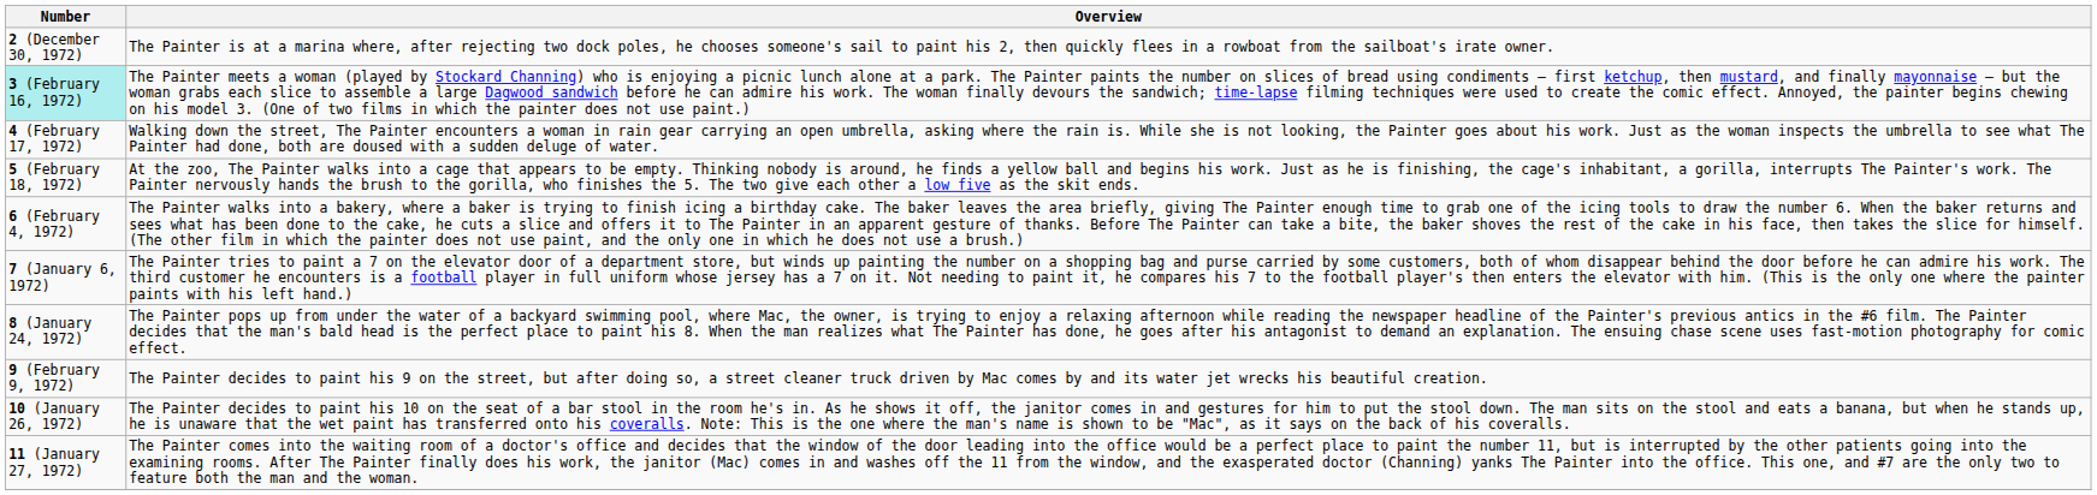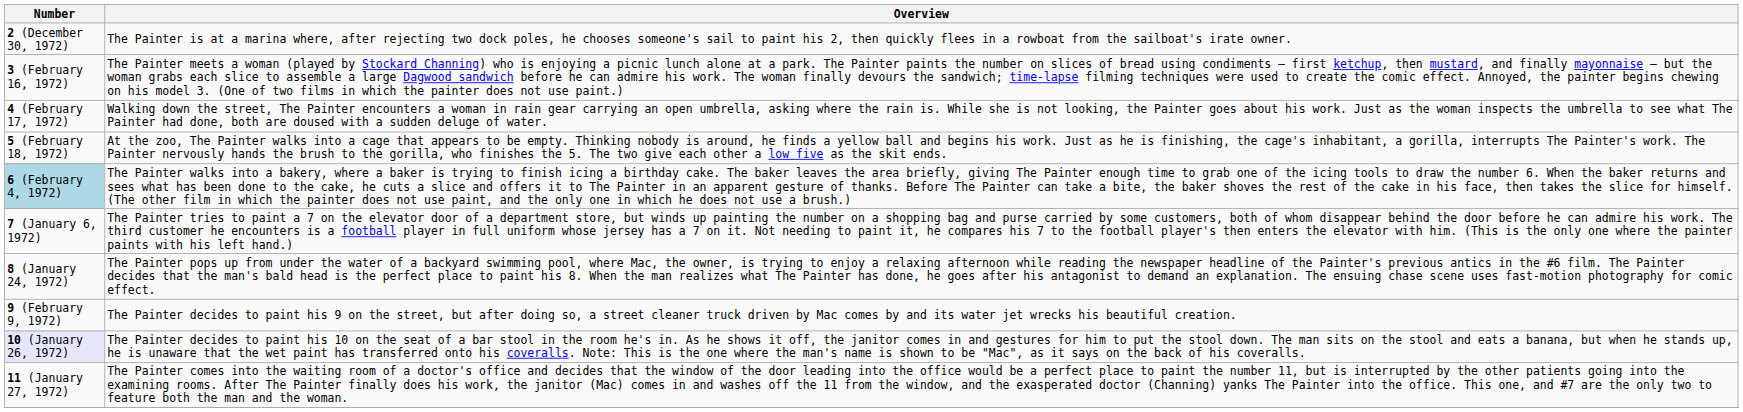 <table class="wikitable">
 <tr>
 <th>Number</th>
 <th>Overview</th>
 </tr>
 <tr>
 <td><strong>2</strong> (December 30, 1972)</td>
 <td>The Painter is at a marina where, after rejecting two dock poles, he chooses someone's sail to paint his 2, then quickly flees in a rowboat from the sailboat's irate owner.</td>
 </tr>
 <tr>
-<td style="background: paleturquoise;"><strong>3</strong> (February 16, 1972)</td>
+<td><strong>3</strong> (February 16, 1972)</td>
 <td>The Painter meets a woman (played by <a href='#'>Stockard Channing</a>) who is enjoying a picnic lunch alone at a park. The Painter paints the number on slices of bread using condiments — first <a href='#'>ketchup</a>, then <a href='#'>mustard</a>, and finally <a href='#'>mayonnaise</a> — but the woman grabs each slice to assemble a large <a href='#'>Dagwood sandwich</a> before he can admire his work. The woman finally devours the sandwich; <a href='#'>time-lapse</a> filming techniques were used to create the comic effect. Annoyed, the painter begins chewing on his model 3. (One of two films in which the painter does not use paint.)</td>
 </tr>
 <tr>
 <td><strong>4</strong> (February 17, 1972)</td>
 <td>Walking down the street, The Painter encounters a woman in rain gear carrying an open umbrella, asking where the rain is. While she is not looking, the Painter goes about his work. Just as the woman inspects the umbrella to see what The Painter had done, both are doused with a sudden deluge of water.</td>
 </tr>
 <tr>
 <td><strong>5</strong> (February 18, 1972)</td>
 <td>At the zoo, The Painter walks into a cage that appears to be empty. Thinking nobody is around, he finds a yellow ball and begins his work. Just as he is finishing, the cage's inhabitant, a gorilla, interrupts The Painter's work. The Painter nervously hands the brush to the gorilla, who finishes the 5. The two give each other a <a href='#'>low five</a> as the skit ends.</td>
 </tr>
 <tr>
-<td><strong>6</strong> (February 4, 1972)</td>
+<td style="background: lightblue;"><strong>6</strong> (February 4, 1972)</td>
 <td>The Painter walks into a bakery, where a baker is trying to finish icing a birthday cake. The baker leaves the area briefly, giving The Painter enough time to grab one of the icing tools to draw the number 6. When the baker returns and sees what has been done to the cake, he cuts a slice and offers it to The Painter in an apparent gesture of thanks. Before The Painter can take a bite, the baker shoves the rest of the cake in his face, then takes the slice for himself. (The other film in which the painter does not use paint, and the only one in which he does not use a brush.)</td>
 </tr>
 <tr>
 <td><strong>7</strong> (January 6, 1972)</td>
 <td>The Painter tries to paint a 7 on the elevator door of a department store, but winds up painting the number on a shopping bag and purse carried by some customers, both of whom disappear behind the door before he can admire his work. The third customer he encounters is a <a href='#'>football</a> player in full uniform whose jersey has a 7 on it. Not needing to paint it, he compares his 7 to the football player's then enters the elevator with him.  (This is the only one where the painter paints with his left hand.)</td>
 </tr>
 <tr>
 <td><strong>8</strong> (January 24, 1972)</td>
 <td>The Painter pops up from under the water of a backyard swimming pool, where Mac, the owner, is trying to enjoy a relaxing afternoon while reading the newspaper headline of the Painter's previous antics in the #6 film. The Painter decides that the man's bald head is the perfect place to paint his 8. When the man realizes what The Painter has done, he goes after his antagonist to demand an explanation. The ensuing chase scene uses fast-motion photography for comic effect.</td>
 </tr>
 <tr>
 <td><strong>9</strong> (February 9, 1972)</td>
 <td>The Painter decides to paint his 9 on the street, but after doing so, a street cleaner truck driven by Mac comes by and its water jet wrecks his beautiful creation.</td>
 </tr>
 <tr>
-<td><strong>10</strong> (January 26, 1972)</td>
+<td style="background: lavender;"><strong>10</strong> (January 26, 1972)</td>
 <td>The Painter decides to paint his 10 on the seat of a bar stool in the room he's in. As he shows it off, the janitor comes in and gestures for him to put the stool down. The man sits on the stool and eats a banana, but when he stands up, he is unaware that the wet paint has transferred onto his <a href='#'>coveralls</a>.  Note:  This is the one where the man's name is shown to be "Mac", as it says on the back of his coveralls.</td>
 </tr>
 <tr>
 <td><strong>11</strong> (January 27, 1972)</td>
 <td>The Painter comes into the waiting room of a doctor's office and decides that the window of the door leading into the office would be a perfect place to paint the number 11, but is interrupted by the other patients going into the examining rooms. After The Painter finally does his work, the janitor (Mac) comes in and washes off the 11 from the window, and the exasperated doctor (Channing) yanks The Painter into the office.  This one, and #7 are the only two to feature both the man and the woman.</td>
 </tr>
 <tr>
 </tr>
 </table>
